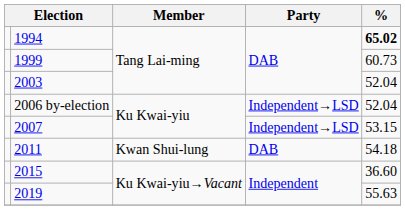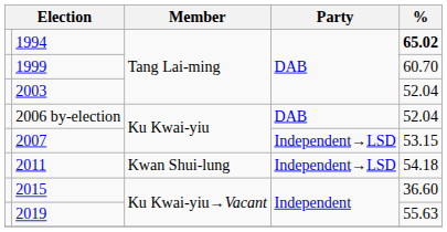 <table class="wikitable">
 <tr>
 <th colspan="2">Election</th>
 <th>Member</th>
 <th>Party</th>
 <th>%</th>
 </tr>
 <tr>
 <td style="background-color: "></td>
 <td><a href='#'>1994</a></td>
 <td rowspan=3>Tang Lai-ming</td>
 <td rowspan=3><a href='#'>DAB</a></td>
 <td><strong>65.02</strong></td>
 </tr>
 <tr>
 <td style="background-color: "></td>
 <td><a href='#'>1999</a></td>
-<td>60.73</td>
+<td>60.70</td>
 </tr>
 <tr>
 <td style="background-color: "></td>
 <td><a href='#'>2003</a></td>
 <td>52.04</td>
 </tr>
 <tr>
 <td style="background-color: "></td>
 <td>2006 by-election</td>
 <td rowspan=2>Ku Kwai-yiu</td>
-<td><a href='#'>Independent</a>→<a href='#'>LSD</a></td>
+<td><a href='#'>DAB</a></td>
 <td>52.04</td>
 </tr>
 <tr>
 <td style="background-color: "></td>
 <td><a href='#'>2007</a></td>
 <td><a href='#'>Independent</a>→<a href='#'>LSD</a></td>
 <td>53.15</td>
 </tr>
 <tr>
 <td style="background-color: "></td>
 <td><a href='#'>2011</a></td>
 <td>Kwan Shui-lung</td>
-<td><a href='#'>DAB</a></td>
+<td><a href='#'>Independent</a>→<a href='#'>LSD</a></td>
 <td>54.18</td>
 </tr>
 <tr>
 <td style="background-color: "></td>
 <td><a href='#'>2015</a></td>
 <td rowspan=2>Ku Kwai-yiu→<em>Vacant</em></td>
 <td rowspan=2><a href='#'>Independent</a></td>
 <td>36.60</td>
 </tr>
 <tr>
 <td style="background-color: "></td>
 <td><a href='#'>2019</a></td>
 <td>55.63</td>
 </tr>
 <tr>
 </tr>
 </table>
